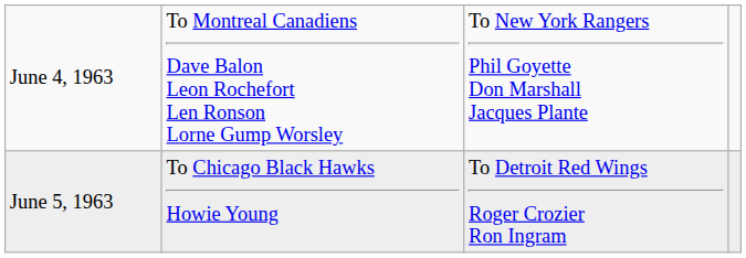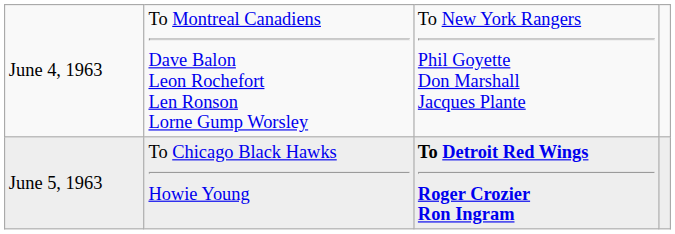 <table class="wikitable" style="border:1px solid #999999; width:580px;">
 <tr>
 <td>June 4, 1963</td>
 <td valign="top">To <a href='#'>Montreal Canadiens</a><hr><a href='#'>Dave Balon</a><br><a href='#'>Leon Rochefort</a><br><a href='#'>Len Ronson</a><br><a href='#'>Lorne Gump Worsley</a></td>
 <td valign="top">To <a href='#'>New York Rangers</a><hr><a href='#'>Phil Goyette</a><br><a href='#'>Don Marshall</a><br><a href='#'>Jacques Plante</a></td>
 <td></td>
 </tr>
 <tr bgcolor="eeeeee">
 <td>June 5, 1963</td>
 <td valign="top">To <a href='#'>Chicago Black Hawks</a><hr><a href='#'>Howie Young</a></td>
-<td valign="top">To <a href='#'>Detroit Red Wings</a><hr><a href='#'>Roger Crozier</a><br><a href='#'>Ron Ingram</a></td>
+<td valign="top"><strong>To <a href='#'>Detroit Red Wings</a><hr><a href='#'>Roger Crozier</a><br><a href='#'>Ron Ingram</a></strong></td>
 <td></td>
 </tr>
 </table>
